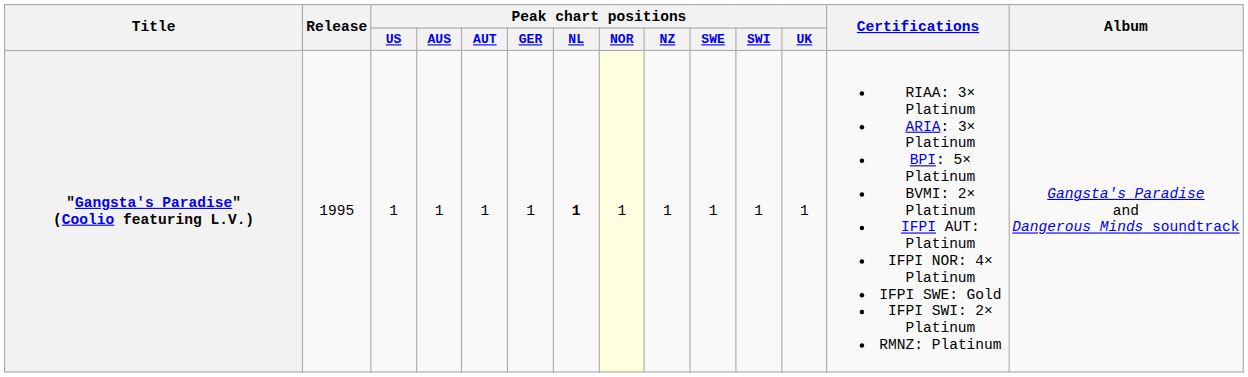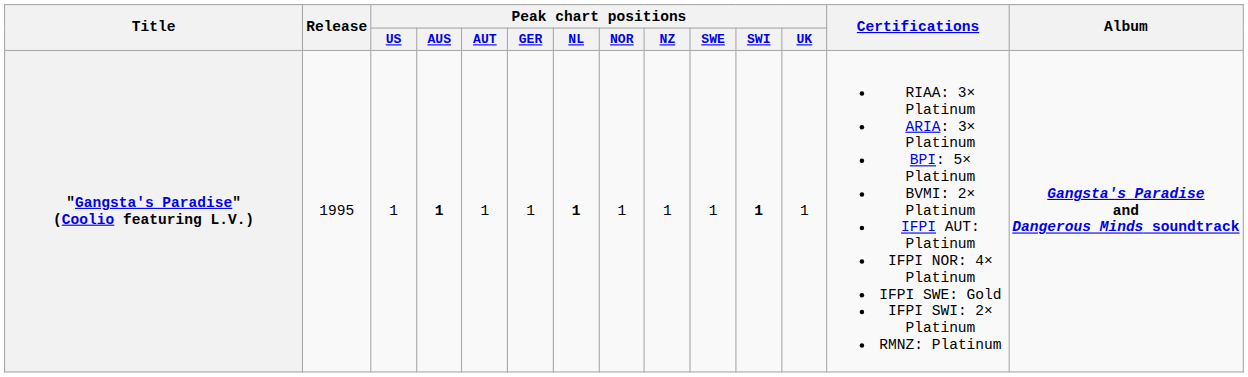 <table class="wikitable plainrowheaders" style="text-align:center;" border="1">
 <tr>
 <th scope="col" rowspan="2" style="width:20em;">Title</th>
 <th scope="col" rowspan="2">Release</th>
 <th scope="col" colspan="10">Peak chart positions</th>
 <th scope="col" rowspan="2" style="width:12em;"><a href='#'>Certifications</a></th>
 <th scope="col" rowspan="2">Album</th>
 </tr>
 <tr>
 <th scope="col" style="width:3em;font-size:90%;"><a href='#'>US</a><br></th>
 <th scope="col" style="width:3em;font-size:90%;"><a href='#'>AUS</a><br></th>
 <th scope="col" style="width:3em;font-size:90%;"><a href='#'>AUT</a><br></th>
 <th scope="col" style="width:3em;font-size:90%;"><a href='#'>GER</a><br></th>
 <th scope="col" style="width:3em;font-size:90%;"><a href='#'>NL</a></th>
 <th scope="col" style="width:3em;font-size:90%;"><a href='#'>NOR</a><br></th>
 <th scope="col" style="width:3em;font-size:90%;"><a href='#'>NZ</a><br></th>
 <th scope="col" style="width:3em;font-size:90%;"><a href='#'>SWE</a><br></th>
 <th scope="col" style="width:3em;font-size:90%;"><a href='#'>SWI</a><br></th>
 <th scope="col" style="width:3em;font-size:90%;"><a href='#'>UK</a><br></th>
 </tr>
 <tr>
 <th scope="row">"<a href='#'>Gangsta's Paradise</a>"<br><span>(<a href='#'>Coolio</a> featuring L.V.)</span></th>
 <td rowspan="2">1995</td>
 <td>1</td>
+<td><strong>1</strong></td>
+<td>1</td>
+<td>1</td>
+<td><strong>1</strong></td>
 <td>1</td>
 <td>1</td>
 <td>1</td>
 <td><strong>1</strong></td>
-<td style="background: lightyellow;">1</td>
-<td>1</td>
-<td>1</td>
-<td>1</td>
 <td>1</td>
 <td><br><ul><li>RIAA: 3× Platinum</li><li><a href='#'>ARIA</a>: 3× Platinum</li><li><a href='#'>BPI</a>: 5× Platinum</li><li>BVMI: 2× Platinum</li><li><a href='#'>IFPI</a> AUT: Platinum</li><li>IFPI NOR: 4× Platinum</li><li>IFPI SWE: Gold</li><li>IFPI SWI: 2× Platinum</li><li>RMNZ: Platinum</li></ul></td>
-<td><em><a href='#'>Gangsta's Paradise</a></em> <br>and<br><a href='#'><em>Dangerous Minds</em> soundtrack</a></td>
+<td><strong><em><a href='#'>Gangsta's Paradise</a></em> <br>and<br><a href='#'><em>Dangerous Minds</em> soundtrack</a></strong></td>
 </tr>
 </table>
